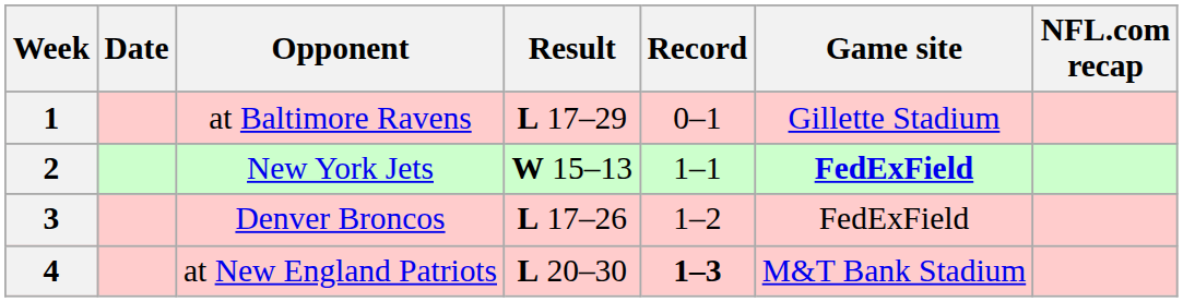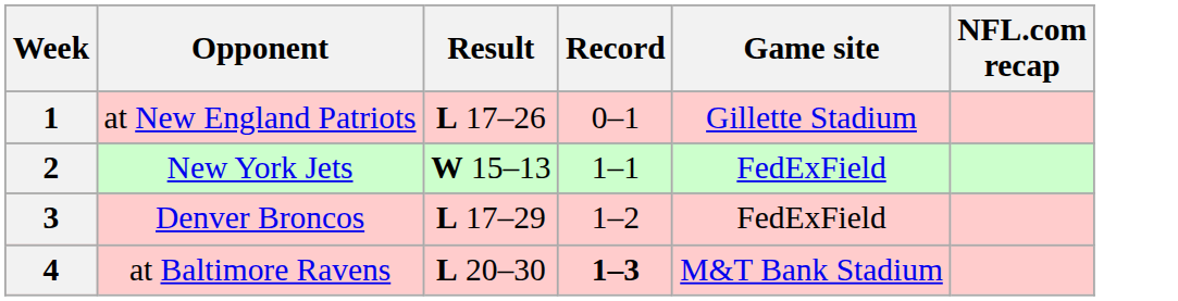 <table class="wikitable" style="text-align:center">
 <tr>
 <th>Week</th>
-<th>Date</th>
 <th>Opponent</th>
 <th>Result</th>
 <th>Record</th>
 <th>Game site</th>
 <th>NFL.com<br>recap</th>
 </tr>
 <tr style="background:#fcc">
 <th>1</th>
-<td></td>
-<td>at <a href='#'>Baltimore Ravens</a></td>
-<td><strong>L</strong> 17–29</td>
+<td>at <a href='#'>New England Patriots</a></td>
+<td><strong>L</strong> 17–26</td>
 <td>0–1</td>
 <td><a href='#'>Gillette Stadium</a></td>
 <td></td>
 </tr>
 <tr style="background:#cfc">
 <th>2</th>
-<td></td>
 <td><a href='#'>New York Jets</a></td>
 <td><strong>W</strong> 15–13</td>
 <td>1–1</td>
-<td><strong><a href='#'>FedExField</a></strong></td>
+<td><a href='#'>FedExField</a></td>
 <td></td>
 </tr>
 <tr style="background:#fcc">
 <th>3</th>
-<td></td>
 <td><a href='#'>Denver Broncos</a></td>
-<td><strong>L</strong> 17–26</td>
+<td><strong>L</strong> 17–29</td>
 <td>1–2</td>
 <td>FedExField</td>
 <td></td>
 </tr>
 <tr style="background:#fcc">
 <th>4</th>
-<td></td>
-<td>at <a href='#'>New England Patriots</a></td>
+<td>at <a href='#'>Baltimore Ravens</a></td>
 <td><strong>L</strong> 20–30</td>
 <td><strong>1–3</strong></td>
 <td><a href='#'>M&T Bank Stadium</a></td>
 <td></td>
 </tr>
 </table>
